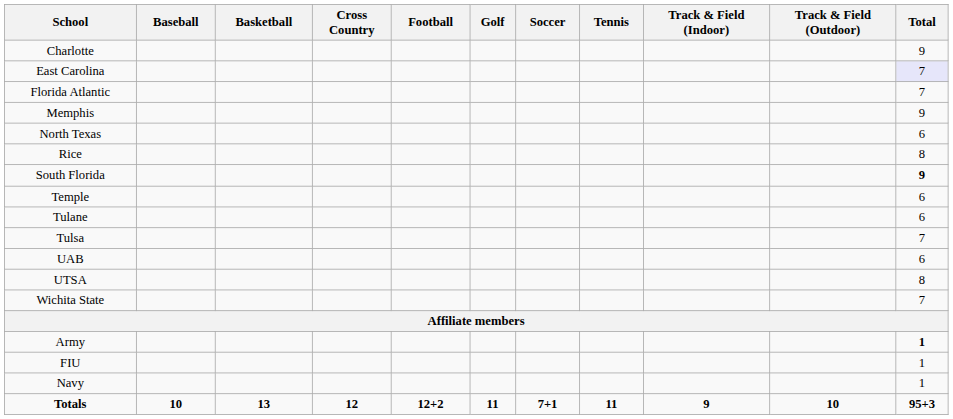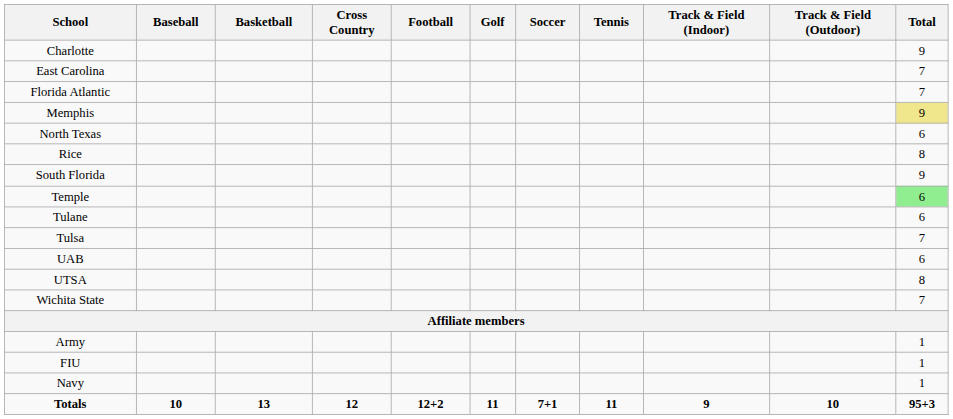 <table class="wikitable" style="text-align:center; font-size:95%; width:90%">
 <tr>
 <th>School</th>
 <th>Baseball</th>
 <th>Basketball</th>
 <th>Cross<br>Country</th>
 <th>Football</th>
 <th>Golf</th>
 <th>Soccer</th>
 <th>Tennis</th>
 <th>Track & Field<br>(Indoor)</th>
 <th>Track & Field<br>(Outdoor)</th>
 <th>Total</th>
 </tr>
 <tr>
 <td>Charlotte</td>
 <td></td>
 <td></td>
 <td></td>
 <td></td>
 <td></td>
 <td></td>
 <td></td>
 <td></td>
 <td></td>
 <td>9</td>
 </tr>
 <tr>
 <td>East Carolina</td>
 <td></td>
 <td></td>
 <td></td>
 <td></td>
 <td></td>
 <td></td>
 <td></td>
 <td></td>
 <td></td>
-<td style="background: lavender;">7</td>
+<td>7</td>
 </tr>
 <tr>
 <td>Florida Atlantic</td>
 <td></td>
 <td></td>
 <td></td>
 <td></td>
 <td></td>
 <td></td>
 <td></td>
 <td></td>
 <td></td>
 <td>7</td>
 </tr>
 <tr>
 <td>Memphis</td>
 <td></td>
 <td></td>
 <td></td>
 <td></td>
 <td></td>
 <td></td>
 <td></td>
 <td></td>
 <td></td>
-<td>9</td>
+<td style="background: khaki;">9</td>
 </tr>
 <tr>
 <td>North Texas</td>
 <td></td>
 <td></td>
 <td></td>
 <td></td>
 <td></td>
 <td></td>
 <td></td>
 <td></td>
 <td></td>
 <td>6</td>
 </tr>
 <tr>
 <td>Rice</td>
 <td></td>
 <td></td>
 <td></td>
 <td></td>
 <td></td>
 <td></td>
 <td></td>
 <td></td>
 <td></td>
 <td>8</td>
 </tr>
 <tr>
 <td>South Florida</td>
 <td></td>
 <td></td>
 <td></td>
 <td></td>
 <td></td>
 <td></td>
 <td></td>
 <td></td>
 <td></td>
-<td><strong>9</strong></td>
+<td>9</td>
 </tr>
 <tr>
 <td>Temple</td>
 <td></td>
 <td></td>
 <td></td>
 <td></td>
 <td></td>
 <td></td>
 <td></td>
 <td></td>
 <td></td>
-<td>6</td>
+<td style="background: lightgreen;">6</td>
 </tr>
 <tr>
 <td>Tulane</td>
 <td></td>
 <td></td>
 <td></td>
 <td></td>
 <td></td>
 <td></td>
 <td></td>
 <td></td>
 <td></td>
 <td>6</td>
 </tr>
 <tr>
 <td>Tulsa</td>
 <td></td>
 <td></td>
 <td></td>
 <td></td>
 <td></td>
 <td></td>
 <td></td>
 <td></td>
 <td></td>
 <td>7</td>
 </tr>
 <tr>
 <td>UAB</td>
 <td></td>
 <td></td>
 <td></td>
 <td></td>
 <td></td>
 <td></td>
 <td></td>
 <td></td>
 <td></td>
 <td>6</td>
 </tr>
 <tr>
 <td>UTSA</td>
 <td></td>
 <td></td>
 <td></td>
 <td></td>
 <td></td>
 <td></td>
 <td></td>
 <td></td>
 <td></td>
 <td>8</td>
 </tr>
 <tr>
 <td>Wichita State</td>
 <td></td>
 <td></td>
 <td></td>
 <td></td>
 <td></td>
 <td></td>
 <td></td>
 <td></td>
 <td></td>
 <td>7</td>
 </tr>
 <tr>
 <th colspan=11>Affiliate members</th>
 </tr>
 <tr bgcolor=>
 <td>Army</td>
 <td></td>
 <td></td>
 <td></td>
 <td></td>
 <td></td>
 <td></td>
 <td></td>
 <td></td>
 <td></td>
-<td><strong>1</strong></td>
+<td>1</td>
 </tr>
 <tr>
 <td>FIU</td>
 <td></td>
 <td></td>
 <td></td>
 <td></td>
 <td></td>
 <td></td>
 <td></td>
 <td></td>
 <td></td>
 <td>1</td>
 </tr>
 <tr>
 <td>Navy</td>
 <td></td>
 <td></td>
 <td></td>
 <td></td>
 <td></td>
 <td></td>
 <td></td>
 <td></td>
 <td></td>
 <td>1</td>
 </tr>
 <tr>
 <td><strong>Totals</strong></td>
 <td><strong>10</strong></td>
 <td><strong>13</strong></td>
 <td><strong>12</strong></td>
 <td><strong>12+2</strong></td>
 <td><strong>11</strong></td>
 <td><strong>7+1</strong></td>
 <td><strong>11</strong></td>
 <td><strong>9</strong></td>
 <td><strong>10</strong></td>
 <td><strong>95+3</strong></td>
 </tr>
 </table>
